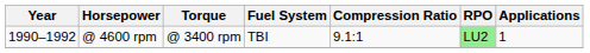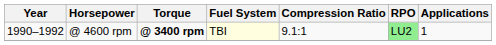 <table class=wikitable>
 <tr>
 <th>Year</th>
 <th>Horsepower</th>
 <th>Torque</th>
 <th>Fuel System</th>
 <th>Compression Ratio</th>
 <th>RPO</th>
 <th>Applications</th>
 </tr>
 <tr>
 <td>1990–1992</td>
 <td> @ 4600 rpm</td>
-<td> @ 3400 rpm</td>
-<td>TBI</td>
+<td><strong> @ 3400 rpm</strong></td>
+<td style="background: lightyellow;">TBI</td>
 <td>9.1:1</td>
 <td style="background: lightgreen;">LU2</td>
 <td>1</td>
 </tr>
 <tr>
 </tr>
 </table>
